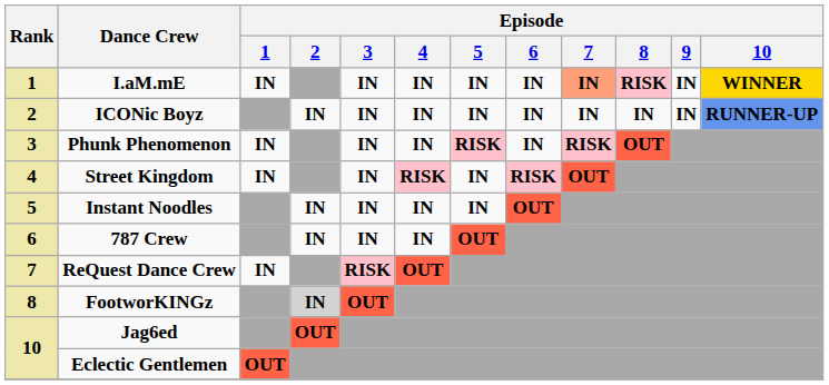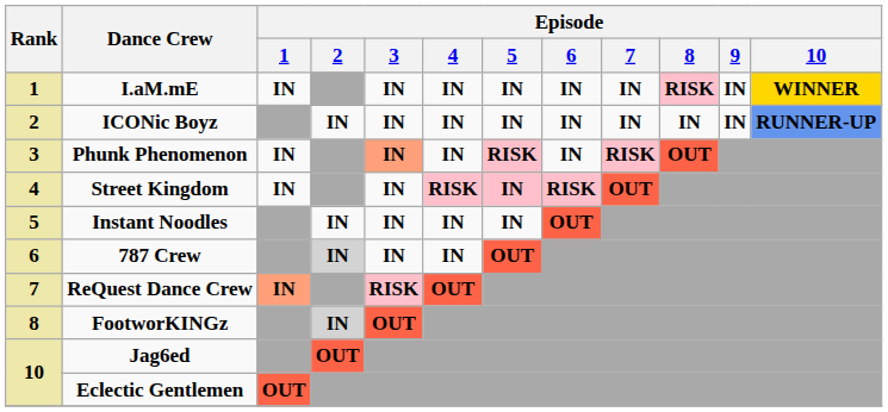 <table class="wikitable" style="text-align:center; font-size:85%">
 <tr>
 <th rowspan=2>Rank</th>
 <th rowspan=2>Dance Crew</th>
 <th colspan="18" style="text-align:center;">Episode</th>
 </tr>
 <tr>
 <th><a href='#'>1</a></th>
 <th><a href='#'>2</a></th>
 <th><a href='#'>3</a></th>
 <th><a href='#'>4</a></th>
 <th><a href='#'>5</a></th>
 <th><a href='#'>6</a></th>
 <th><a href='#'>7</a></th>
 <th><a href='#'>8</a></th>
 <th><a href='#'>9</a></th>
 <th><a href='#'>10</a></th>
 </tr>
 <tr>
 <td bgcolor="palegoldenrod"><strong>1</strong></td>
 <td><strong>I.aM.mE</strong></td>
 <td><strong>IN</strong></td>
 <td style="background:darkgrey;"></td>
 <td><strong>IN</strong></td>
 <td><strong>IN</strong></td>
 <td><strong>IN</strong></td>
 <td><strong>IN</strong></td>
-<td style="background: lightsalmon;"><strong>IN</strong></td>
+<td><strong>IN</strong></td>
 <td style="background:pink;"><strong>RISK</strong></td>
 <td><strong>IN</strong></td>
 <td style="background:gold;"><strong>WINNER</strong></td>
 </tr>
 <tr>
 <td bgcolor="palegoldenrod"><strong>2</strong></td>
 <td><strong>ICONic Boyz</strong></td>
 <td style="background:darkgrey;"></td>
 <td><strong>IN</strong></td>
 <td><strong>IN</strong></td>
 <td><strong>IN</strong></td>
 <td><strong>IN</strong></td>
 <td><strong>IN</strong></td>
 <td><strong>IN</strong></td>
 <td><strong>IN</strong></td>
 <td><strong>IN</strong></td>
 <td style="background:cornflowerblue;"><strong>RUNNER-UP</strong></td>
 </tr>
 <tr>
 <td bgcolor="palegoldenrod"><strong>3</strong></td>
 <td><strong>Phunk Phenomenon</strong></td>
 <td><strong>IN</strong></td>
 <td style="background:darkgrey;"></td>
-<td><strong>IN</strong></td>
+<td style="background: lightsalmon;"><strong>IN</strong></td>
 <td><strong>IN</strong></td>
 <td style="background:pink;"><strong>RISK</strong></td>
 <td><strong>IN</strong></td>
 <td style="background:pink;"><strong>RISK</strong></td>
 <td style="background:tomato;"><strong>OUT</strong></td>
 <td style="background:darkgrey;" colspan="2"></td>
 </tr>
 <tr>
 <td bgcolor="palegoldenrod"><strong>4</strong></td>
 <td><strong>Street Kingdom</strong></td>
 <td><strong>IN</strong></td>
 <td style="background:darkgrey;"></td>
 <td><strong>IN</strong></td>
 <td style="background:pink;"><strong>RISK</strong></td>
-<td><strong>IN</strong></td>
+<td style="background: pink;"><strong>IN</strong></td>
 <td style="background:pink;"><strong>RISK</strong></td>
 <td style="background:tomato;"><strong>OUT</strong></td>
 <td style="background:darkgrey;" colspan="3"></td>
 </tr>
 <tr>
 <td bgcolor="palegoldenrod"><strong>5</strong></td>
 <td><strong>Instant Noodles</strong></td>
 <td style="background:darkgrey;"></td>
 <td><strong>IN</strong></td>
 <td><strong>IN</strong></td>
 <td><strong>IN</strong></td>
 <td><strong>IN</strong></td>
 <td style="background:tomato;"><strong>OUT</strong></td>
 <td style="background:darkgrey;" colspan="4"></td>
 </tr>
 <tr>
 <td bgcolor="palegoldenrod"><strong>6</strong></td>
 <td><strong>787 Crew</strong></td>
 <td style="background:darkgrey;"></td>
-<td><strong>IN</strong></td>
+<td style="background: lightgrey;"><strong>IN</strong></td>
 <td><strong>IN</strong></td>
 <td><strong>IN</strong></td>
 <td style="background:tomato;"><strong>OUT</strong></td>
 <td style="background:darkgrey;" colspan="5"></td>
 </tr>
 <tr>
 <td bgcolor="palegoldenrod"><strong>7</strong></td>
 <td><strong>ReQuest Dance Crew</strong></td>
-<td><strong>IN</strong></td>
+<td style="background: lightsalmon;"><strong>IN</strong></td>
 <td style="background:darkgrey;"></td>
 <td style="background:pink;"><strong>RISK</strong></td>
 <td style="background:tomato;"><strong>OUT</strong></td>
 <td style="background:darkgrey;" colspan="6"></td>
 </tr>
 <tr>
 <td bgcolor="palegoldenrod"><strong>8</strong></td>
 <td><strong>FootworKINGz</strong></td>
 <td style="background:darkgrey;"></td>
 <td style="background: lightgrey;"><strong>IN</strong></td>
 <td style="background:tomato;"><strong>OUT</strong></td>
 <td style="background:darkgrey;" colspan="7"></td>
 </tr>
 <tr>
 <td bgcolor="palegoldenrod" rowspan="2"><strong>10</strong></td>
 <td><strong>Jag6ed</strong></td>
 <td style="background:darkgrey;"></td>
 <td style="background:tomato;"><strong>OUT</strong></td>
 <td style="background:darkgrey;" colspan="8"></td>
 </tr>
 <tr>
 <td><strong>Eclectic Gentlemen</strong></td>
 <td style="background:tomato;"><strong>OUT</strong></td>
 <td style="background:darkgrey;" colspan="9"></td>
 </tr>
 <tr>
 </tr>
 </table>
